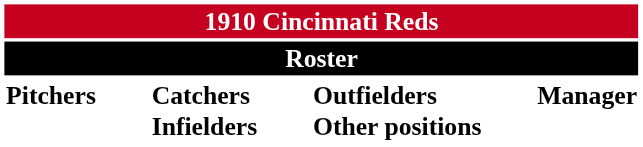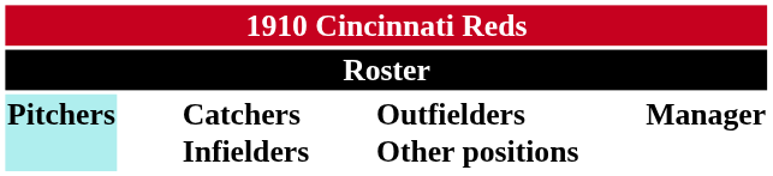 <table class="toccolours" style="font-size: 95%;">
 <tr>
 <th colspan="10" style="background-color: #c6011f; color: white; text-align: center;">1910 Cincinnati Reds</th>
 </tr>
 <tr>
 <td colspan="10" style="background-color: black; color: white; text-align: center;"><strong>Roster</strong></td>
 </tr>
 <tr>
-<td valign="top"><strong>Pitchers</strong><br>              </td>
+<td valign="top" style="background: paleturquoise;"><strong>Pitchers</strong><br>              </td>
 <td width="25px"></td>
 <td valign="top"><strong>Catchers</strong><br>   <strong>Infielders</strong>              </td>
 <td width="25px"></td>
 <td valign="top"><strong>Outfielders</strong><br>      <strong>Other positions</strong>   </td>
 <td width="25px"></td>
 <td valign="top"><strong>Manager</strong><br></td>
 </tr>
 </table>
